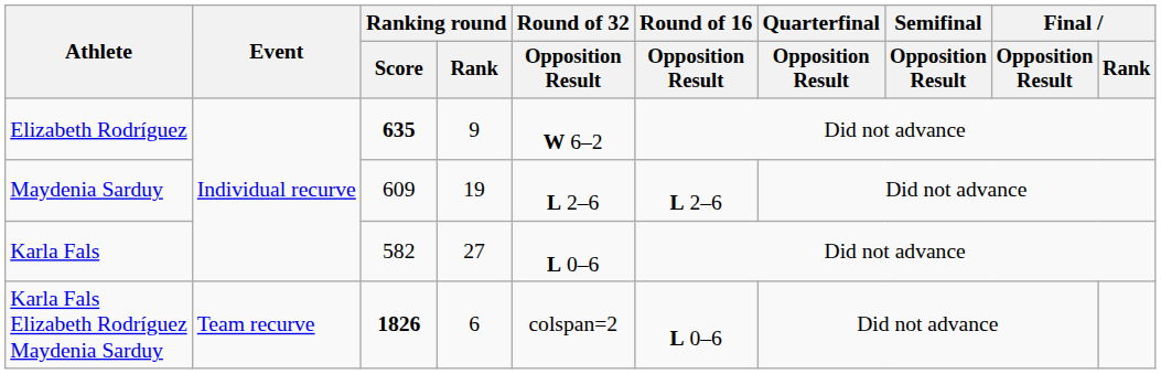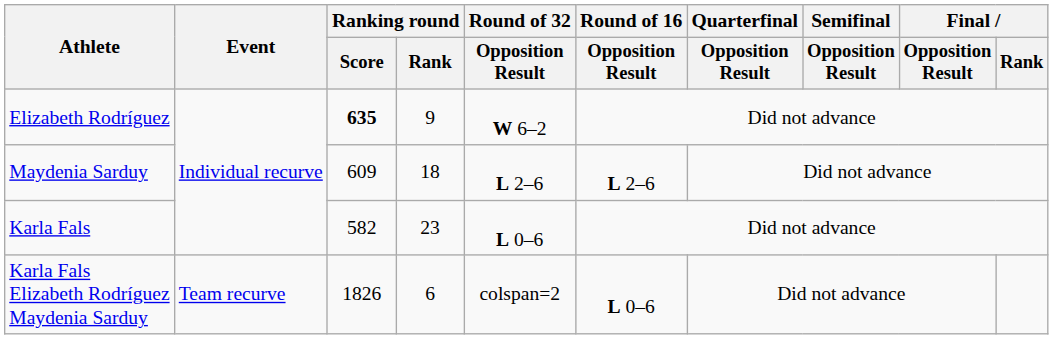 <table class=wikitable style=font-size:90%;text-align:center>
 <tr>
 <th rowspan=2>Athlete</th>
 <th rowspan=2>Event</th>
 <th colspan=2>Ranking round</th>
 <th>Round of 32</th>
 <th>Round of 16</th>
 <th>Quarterfinal</th>
 <th>Semifinal</th>
 <th colspan=2>Final / </th>
 </tr>
 <tr style=font-size:95%>
 <th>Score</th>
 <th>Rank</th>
 <th>Opposition<br>Result</th>
 <th>Opposition<br>Result</th>
 <th>Opposition<br>Result</th>
 <th>Opposition<br>Result</th>
 <th>Opposition<br>Result</th>
 <th>Rank</th>
 </tr>
 <tr>
 <td align=left><a href='#'>Elizabeth Rodríguez</a></td>
 <td align=left rowspan=3><a href='#'>Individual recurve</a></td>
 <td><strong>635</strong></td>
 <td>9</td>
 <td><br><strong>W</strong> 6–2</td>
 <td colspan=5>Did not advance</td>
 </tr>
 <tr align=center>
 <td align=left><a href='#'>Maydenia Sarduy</a></td>
 <td>609</td>
-<td>19</td>
+<td>18</td>
 <td><br><strong>L</strong> 2–6</td>
 <td><br><strong>L</strong> 2–6</td>
 <td colspan=4>Did not advance</td>
 </tr>
 <tr align=center>
 <td align=left><a href='#'>Karla Fals</a></td>
 <td>582</td>
-<td>27</td>
+<td>23</td>
 <td><br><strong>L</strong> 0–6</td>
 <td colspan=5>Did not advance</td>
 </tr>
 <tr align=center>
 <td align=left><a href='#'>Karla Fals</a><br><a href='#'>Elizabeth Rodríguez</a><br><a href='#'>Maydenia Sarduy</a></td>
 <td align=left><a href='#'>Team recurve</a></td>
-<td><strong>1826</strong></td>
+<td>1826</td>
 <td>6</td>
 <td>colspan=2 </td>
 <td><br><strong>L</strong> 0–6</td>
 <td colspan=3>Did not advance</td>
 </tr>
 </table>
